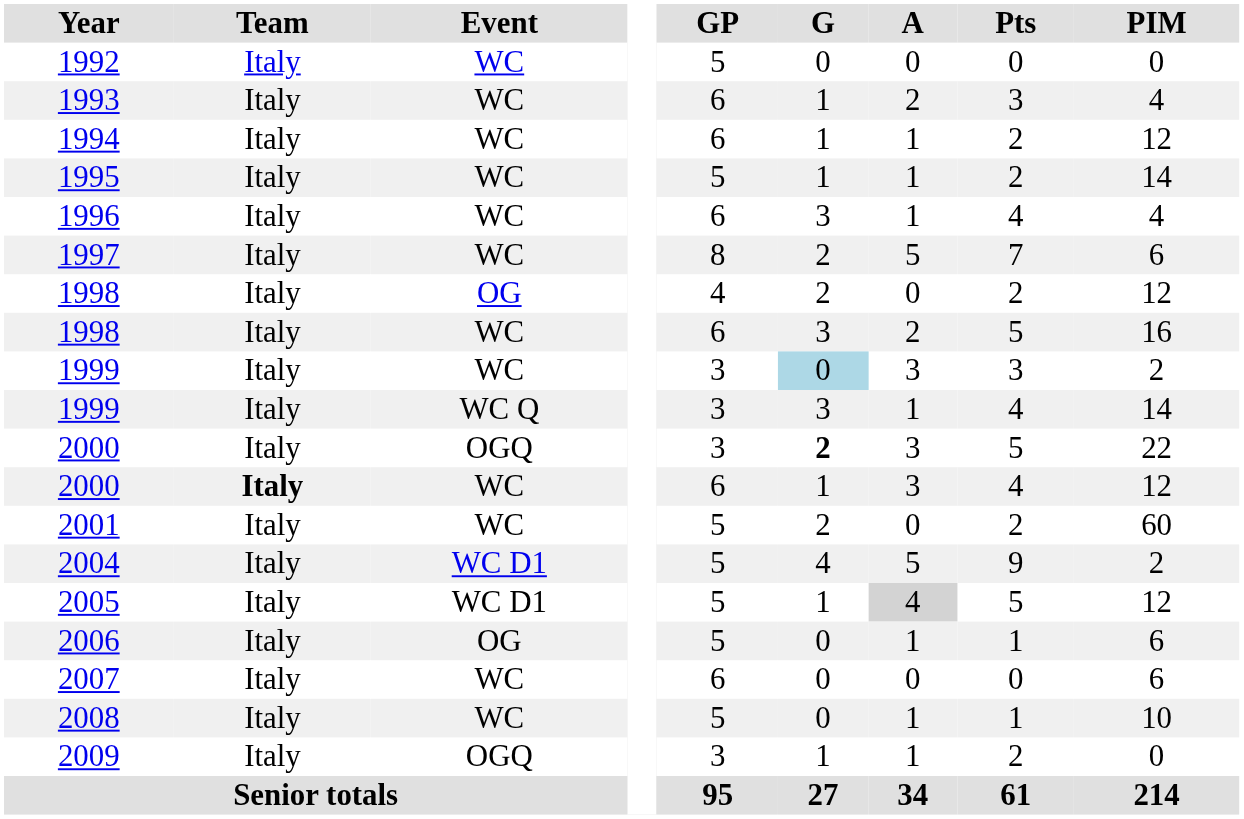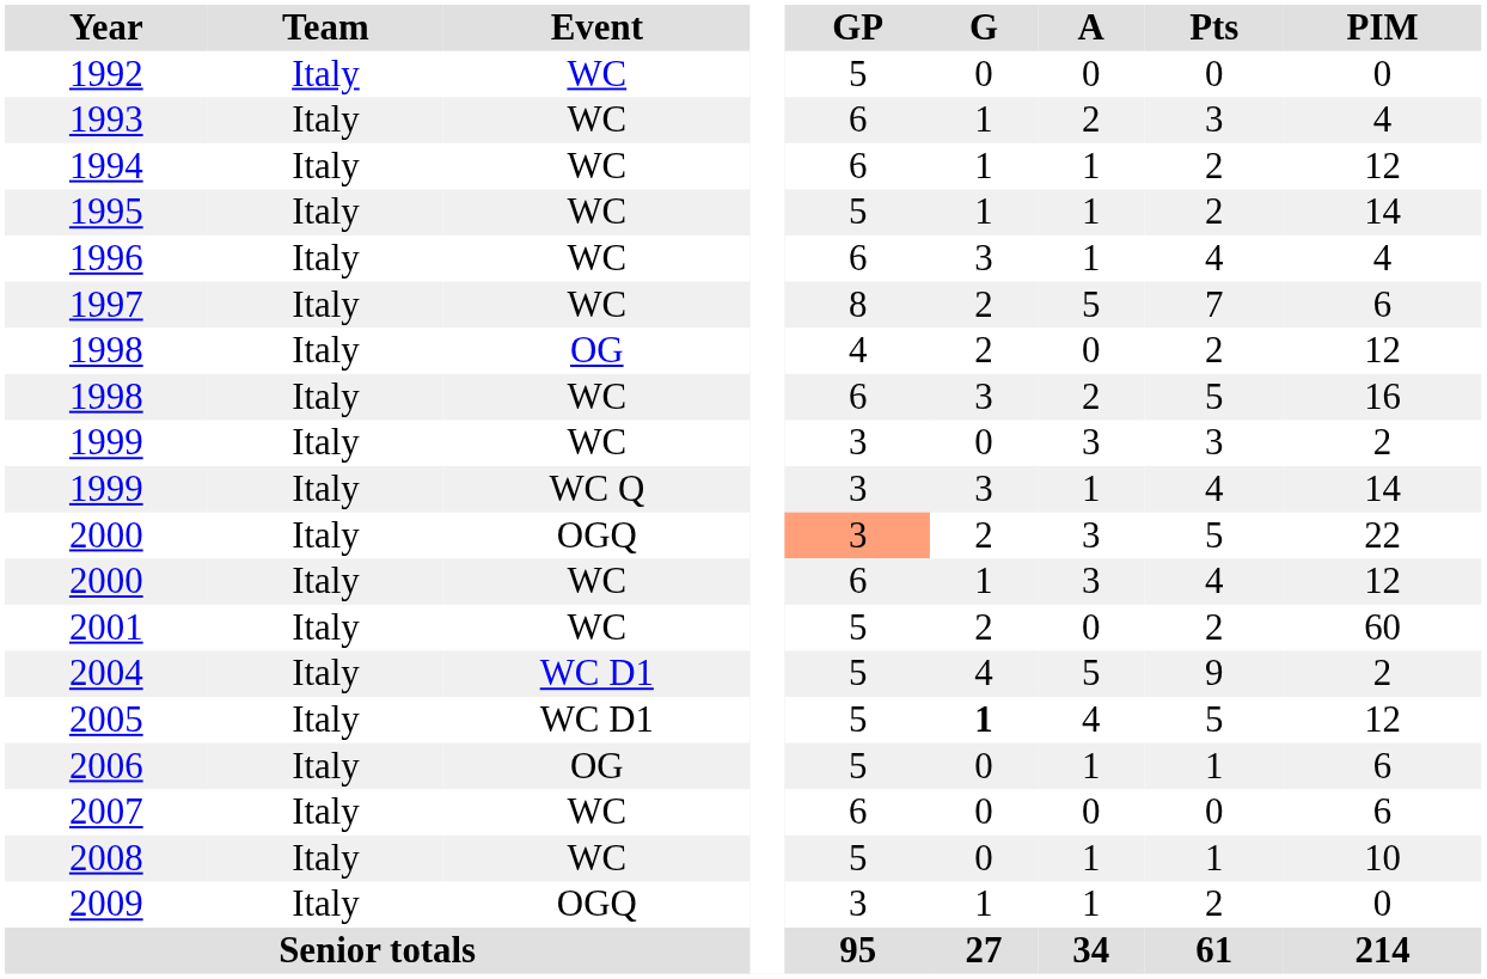 <table border="0" cellpadding="1" cellspacing="0" style="text-align:center; width:40em">
 <tr ALIGN="center" bgcolor="#e0e0e0">
 <th>Year</th>
 <th>Team</th>
 <th>Event</th>
 <th ALIGN="center" rowspan="99" bgcolor="#ffffff"> </th>
 <th>GP</th>
 <th>G</th>
 <th>A</th>
 <th>Pts</th>
 <th>PIM</th>
 </tr>
 <tr>
 <td><a href='#'>1992</a></td>
 <td><a href='#'>Italy</a></td>
 <td><a href='#'>WC</a></td>
 <td>5</td>
 <td>0</td>
 <td>0</td>
 <td>0</td>
 <td>0</td>
 </tr>
 <tr bgcolor="#f0f0f0">
 <td><a href='#'>1993</a></td>
 <td>Italy</td>
 <td>WC</td>
 <td>6</td>
 <td>1</td>
 <td>2</td>
 <td>3</td>
 <td>4</td>
 </tr>
 <tr>
 <td><a href='#'>1994</a></td>
 <td>Italy</td>
 <td>WC</td>
 <td>6</td>
 <td>1</td>
 <td>1</td>
 <td>2</td>
 <td>12</td>
 </tr>
 <tr bgcolor="#f0f0f0">
 <td><a href='#'>1995</a></td>
 <td>Italy</td>
 <td>WC</td>
 <td>5</td>
 <td>1</td>
 <td>1</td>
 <td>2</td>
 <td>14</td>
 </tr>
 <tr>
 <td><a href='#'>1996</a></td>
 <td>Italy</td>
 <td>WC</td>
 <td>6</td>
 <td>3</td>
 <td>1</td>
 <td>4</td>
 <td>4</td>
 </tr>
 <tr bgcolor="#f0f0f0">
 <td><a href='#'>1997</a></td>
 <td>Italy</td>
 <td>WC</td>
 <td>8</td>
 <td>2</td>
 <td>5</td>
 <td>7</td>
 <td>6</td>
 </tr>
 <tr>
 <td><a href='#'>1998</a></td>
 <td>Italy</td>
 <td><a href='#'>OG</a></td>
 <td>4</td>
 <td>2</td>
 <td>0</td>
 <td>2</td>
 <td>12</td>
 </tr>
 <tr bgcolor="#f0f0f0">
 <td><a href='#'>1998</a></td>
 <td>Italy</td>
 <td>WC</td>
 <td>6</td>
 <td>3</td>
 <td>2</td>
 <td>5</td>
 <td>16</td>
 </tr>
 <tr>
 <td><a href='#'>1999</a></td>
 <td>Italy</td>
 <td>WC</td>
 <td>3</td>
-<td style="background: lightblue;">0</td>
+<td>0</td>
 <td>3</td>
 <td>3</td>
 <td>2</td>
 </tr>
 <tr bgcolor="#f0f0f0">
 <td><a href='#'>1999</a></td>
 <td>Italy</td>
 <td>WC Q</td>
 <td>3</td>
 <td>3</td>
 <td>1</td>
 <td>4</td>
 <td>14</td>
 </tr>
 <tr>
 <td><a href='#'>2000</a></td>
 <td>Italy</td>
 <td>OGQ</td>
-<td>3</td>
-<td><strong>2</strong></td>
+<td style="background: lightsalmon;">3</td>
+<td>2</td>
 <td>3</td>
 <td>5</td>
 <td>22</td>
 </tr>
 <tr bgcolor="#f0f0f0">
 <td><a href='#'>2000</a></td>
-<td><strong>Italy</strong></td>
+<td>Italy</td>
 <td>WC</td>
 <td>6</td>
 <td>1</td>
 <td>3</td>
 <td>4</td>
 <td>12</td>
 </tr>
 <tr>
 <td><a href='#'>2001</a></td>
 <td>Italy</td>
 <td>WC</td>
 <td>5</td>
 <td>2</td>
 <td>0</td>
 <td>2</td>
 <td>60</td>
 </tr>
 <tr bgcolor="#f0f0f0">
 <td><a href='#'>2004</a></td>
 <td>Italy</td>
 <td><a href='#'>WC D1</a></td>
 <td>5</td>
 <td>4</td>
 <td>5</td>
 <td>9</td>
 <td>2</td>
 </tr>
 <tr>
 <td><a href='#'>2005</a></td>
 <td>Italy</td>
 <td>WC D1</td>
 <td>5</td>
-<td>1</td>
-<td style="background: lightgrey;">4</td>
+<td><strong>1</strong></td>
+<td>4</td>
 <td>5</td>
 <td>12</td>
 </tr>
 <tr bgcolor="#f0f0f0">
 <td><a href='#'>2006</a></td>
 <td>Italy</td>
 <td>OG</td>
 <td>5</td>
 <td>0</td>
 <td>1</td>
 <td>1</td>
 <td>6</td>
 </tr>
 <tr>
 <td><a href='#'>2007</a></td>
 <td>Italy</td>
 <td>WC</td>
 <td>6</td>
 <td>0</td>
 <td>0</td>
 <td>0</td>
 <td>6</td>
 </tr>
 <tr bgcolor="#f0f0f0">
 <td><a href='#'>2008</a></td>
 <td>Italy</td>
 <td>WC</td>
 <td>5</td>
 <td>0</td>
 <td>1</td>
 <td>1</td>
 <td>10</td>
 </tr>
 <tr>
 <td><a href='#'>2009</a></td>
 <td>Italy</td>
 <td>OGQ</td>
 <td>3</td>
 <td>1</td>
 <td>1</td>
 <td>2</td>
 <td>0</td>
 </tr>
 <tr bgcolor="#e0e0e0">
 <th colspan="3">Senior totals</th>
 <th>95</th>
 <th>27</th>
 <th>34</th>
 <th>61</th>
 <th>214</th>
 </tr>
 </table>
